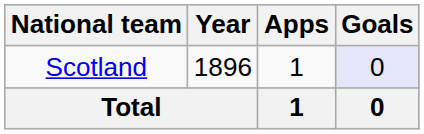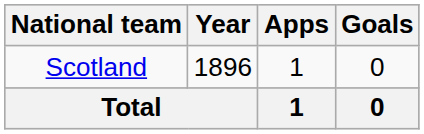 <table class="wikitable" style="text-align:center">
 <tr>
 <th>National team</th>
 <th>Year</th>
 <th>Apps</th>
 <th>Goals</th>
 </tr>
 <tr>
 <td><a href='#'>Scotland</a></td>
 <td>1896</td>
 <td>1</td>
-<td style="background: lavender;">0</td>
+<td>0</td>
 </tr>
 <tr>
 <th colspan="2">Total</th>
 <th>1</th>
 <th>0</th>
 </tr>
 </table>
